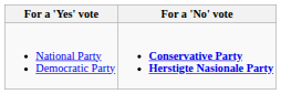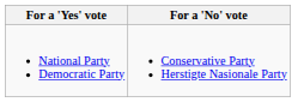 <table class="wikitable">
 <tr>
 <th>For a 'Yes' vote</th>
 <th>For a 'No' vote</th>
 </tr>
 <tr>
 <td><br><ul><li><a href='#'>National Party</a></li><li><a href='#'>Democratic Party</a></li></ul></td>
-<td><strong><br><ul><li><a href='#'>Conservative Party</a></li><li><a href='#'>Herstigte Nasionale Party</a></li></ul></strong></td>
+<td><br><ul><li><a href='#'>Conservative Party</a></li><li><a href='#'>Herstigte Nasionale Party</a></li></ul></td>
 </tr>
 </table>
